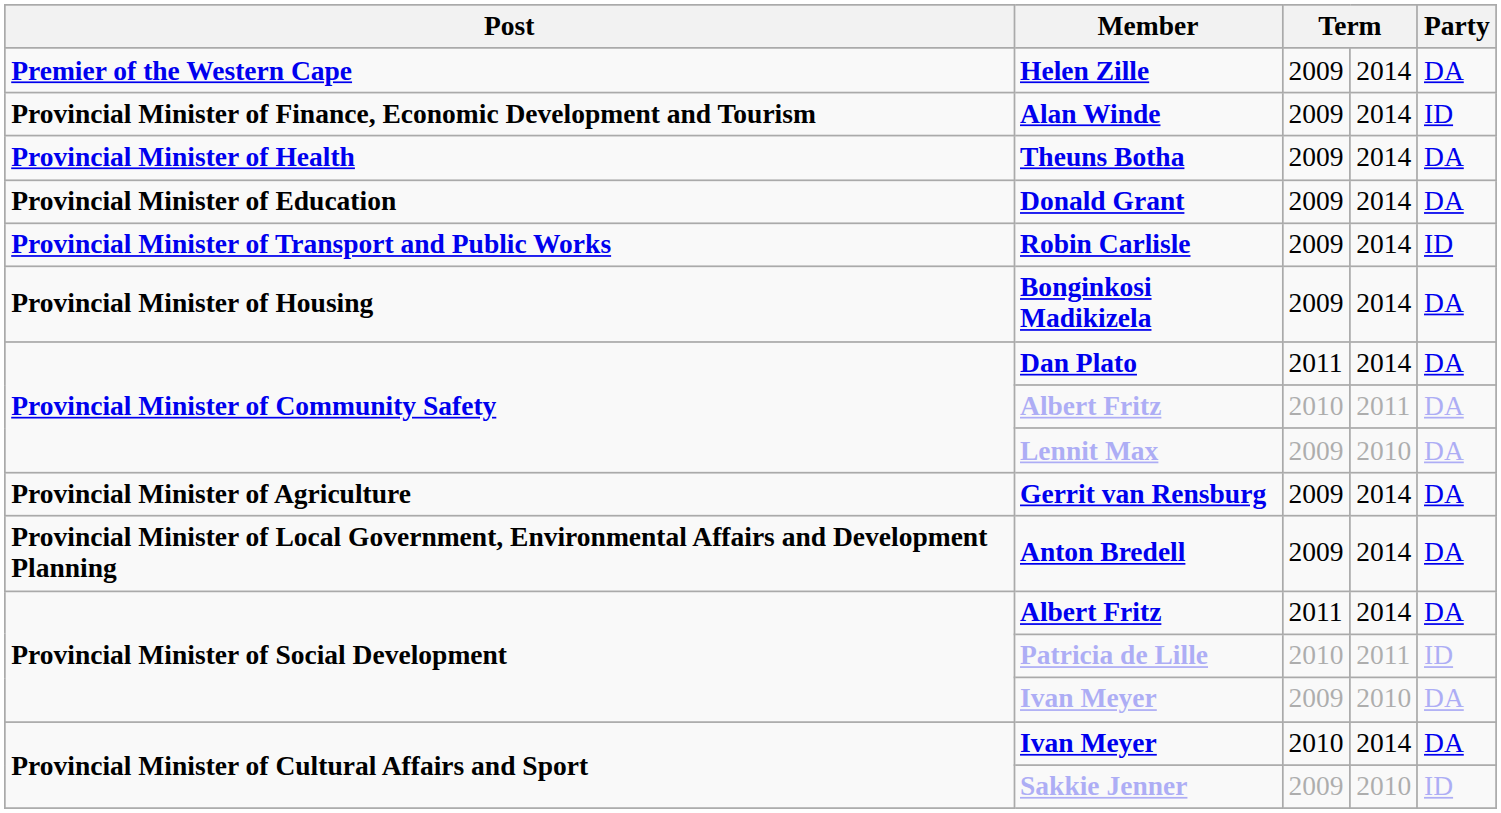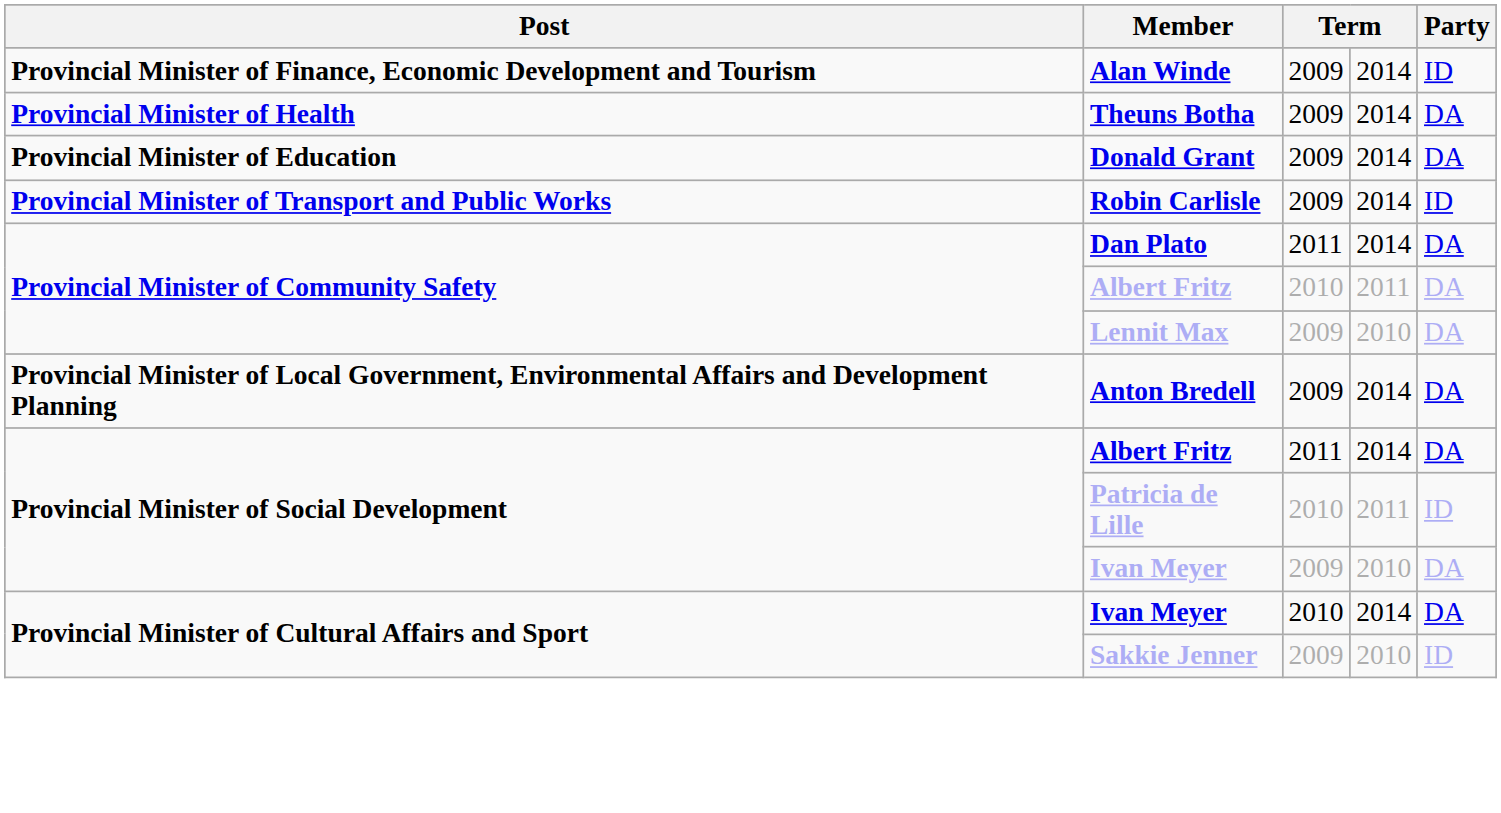 <table class="wikitable">
 <tr>
 <th>Post</th>
 <th>Member</th>
 <th colspan="2">Term</th>
 <th>Party</th>
-</tr>
-<tr>
-<td><strong><a href='#'>Premier of the Western Cape</a></strong></td>
-<td><strong><a href='#'>Helen Zille</a></strong></td>
-<td>2009</td>
-<td>2014</td>
-<td><a href='#'>DA</a></td>
 </tr>
 <tr>
 <td><strong>Provincial Minister of Finance, Economic Development and Tourism</strong></td>
 <td><strong><a href='#'>Alan Winde</a></strong></td>
 <td>2009</td>
 <td>2014</td>
 <td><a href='#'>ID</a></td>
 </tr>
 <tr>
 <td><a href='#'><strong>Provincial Minister of Health</strong></a></td>
 <td><strong><a href='#'>Theuns Botha</a></strong></td>
 <td>2009</td>
 <td>2014</td>
 <td><a href='#'>DA</a></td>
 </tr>
 <tr>
 <td><strong>Provincial Minister of Education</strong></td>
 <td><a href='#'><strong>Donald Grant</strong></a></td>
 <td>2009</td>
 <td>2014</td>
 <td><a href='#'>DA</a></td>
 </tr>
 <tr>
 <td><a href='#'><strong>Provincial Minister of Transport and Public Works</strong></a></td>
 <td><strong><a href='#'>Robin Carlisle</a></strong></td>
 <td>2009</td>
 <td>2014</td>
 <td><a href='#'>ID</a></td>
 </tr>
 <tr>
-<td><strong>Provincial Minister of Housing</strong></td>
-<td><strong><a href='#'>Bonginkosi Madikizela</a></strong></td>
-<td>2009</td>
-<td>2014</td>
-<td><a href='#'>DA</a></td>
-</tr>
-<tr>
 <td rowspan="3"><a href='#'><strong>Provincial Minister of Community Safety</strong></a></td>
 <td><strong><a href='#'>Dan Plato</a></strong></td>
 <td>2011</td>
 <td>2014</td>
 <td><a href='#'>DA</a></td>
 </tr>
 <tr style="opacity:.3;">
 <td><strong><a href='#'>Albert Fritz</a></strong></td>
 <td>2010</td>
 <td>2011</td>
 <td><a href='#'>DA</a></td>
 </tr>
 <tr style="opacity:.3;">
 <td><strong><a href='#'>Lennit Max</a></strong></td>
 <td>2009</td>
 <td>2010</td>
-<td><a href='#'>DA</a></td>
-</tr>
-<tr>
-<td><strong>Provincial Minister of Agriculture</strong></td>
-<td><strong><a href='#'>Gerrit van Rensburg</a></strong></td>
-<td>2009</td>
-<td>2014</td>
 <td><a href='#'>DA</a></td>
 </tr>
 <tr>
 <td><strong>Provincial Minister of Local Government, Environmental Affairs and Development Planning</strong></td>
 <td><strong><a href='#'>Anton Bredell</a></strong></td>
 <td>2009</td>
 <td>2014</td>
 <td><a href='#'>DA</a></td>
 </tr>
 <tr>
 <td rowspan="3"><strong>Provincial Minister of Social Development</strong></td>
 <td><strong><a href='#'>Albert Fritz</a></strong></td>
 <td>2011</td>
 <td>2014</td>
 <td><a href='#'>DA</a></td>
 </tr>
 <tr style="opacity:.3;">
 <td><strong><a href='#'>Patricia de Lille</a></strong></td>
 <td>2010</td>
 <td>2011</td>
 <td><a href='#'>ID</a></td>
 </tr>
 <tr style="opacity:.3;">
 <td><strong><a href='#'>Ivan Meyer</a></strong></td>
 <td>2009</td>
 <td>2010</td>
 <td><a href='#'>DA</a></td>
 </tr>
 <tr>
 <td rowspan="2"><strong>Provincial Minister of Cultural Affairs and Sport</strong></td>
 <td><strong><a href='#'>Ivan Meyer</a></strong></td>
 <td>2010</td>
 <td>2014</td>
 <td><a href='#'>DA</a></td>
 </tr>
 <tr style="opacity:.3;">
 <td><strong><a href='#'>Sakkie Jenner</a></strong></td>
 <td>2009</td>
 <td>2010</td>
 <td><a href='#'>ID</a></td>
 </tr>
 </table>
